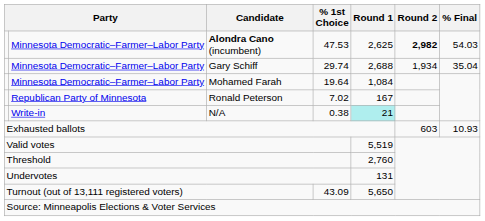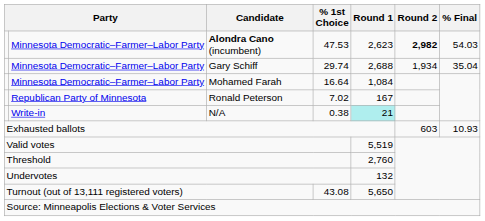 <table class="wikitable">
 <tr>
 <th colspan="2" style="width:290px">Party</th>
 <th style="width:165px">Candidate</th>
 <th>% 1st<br>Choice</th>
 <th>Round 1</th>
 <th>Round 2</th>
 <th style="width:58px;">% Final</th>
 </tr>
 <tr>
 <td style="background-color:"></td>
 <td><a href='#'>Minnesota Democratic–Farmer–Labor Party</a></td>
 <td><strong>Alondra Cano</strong> (incumbent)</td>
 <td align="right">47.53</td>
-<td align="right">2,625</td>
+<td align="right">2,623</td>
 <td align="right"><strong>2,982</strong></td>
 <td align="right">54.03</td>
 </tr>
 <tr>
 <td style="background-color:"></td>
 <td><a href='#'>Minnesota Democratic–Farmer–Labor Party</a></td>
 <td>Gary Schiff</td>
 <td align="right">29.74</td>
 <td align="right">2,688</td>
 <td align="right">1,934</td>
 <td align="right">35.04</td>
 </tr>
 <tr>
 <td style="background-color:"></td>
 <td><a href='#'>Minnesota Democratic–Farmer–Labor Party</a></td>
 <td>Mohamed Farah</td>
-<td align="right">19.64</td>
+<td align="right">16.64</td>
 <td align="right">1,084</td>
 <td></td>
 <td rowspan="3"></td>
 </tr>
 <tr>
 <td style="background-color:"></td>
 <td><a href='#'>Republican Party of Minnesota</a></td>
 <td>Ronald Peterson</td>
 <td align="right">7.02</td>
 <td align="right">167</td>
 <td></td>
 </tr>
 <tr>
 <td style="background-color:"></td>
 <td><a href='#'>Write-in</a></td>
 <td>N/A</td>
 <td align="right">0.38</td>
 <td align="right" style="background: paleturquoise;">21</td>
 <td></td>
 </tr>
 <tr>
 <td colspan="5">Exhausted ballots</td>
 <td align="right">603</td>
 <td align="right">10.93</td>
 </tr>
 <tr>
 <td colspan="4">Valid votes</td>
 <td align="right">5,519</td>
 <td colspan="2" rowspan="4"></td>
 </tr>
 <tr>
 <td colspan="4">Threshold</td>
 <td align="right">2,760</td>
 </tr>
 <tr>
 <td colspan="4">Undervotes</td>
-<td align="right">131</td>
+<td align="right">132</td>
 </tr>
 <tr>
 <td colspan="3">Turnout (out of 13,111 registered voters)</td>
-<td align="right">43.09</td>
+<td align="right">43.08</td>
 <td align="right">5,650</td>
 </tr>
 <tr>
 <td colspan="7">Source: Minneapolis Elections & Voter Services</td>
 </tr>
 </table>
